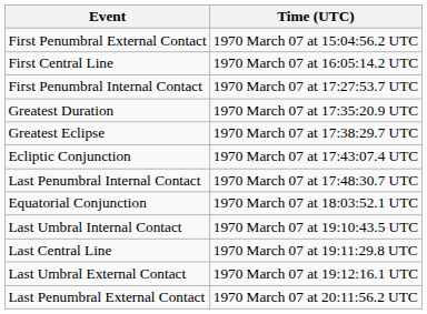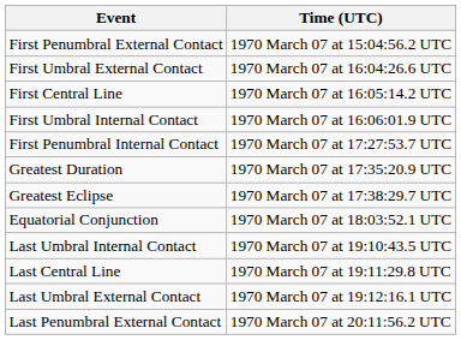 <table class="wikitable">
 <tr>
 <th>Event</th>
 <th>Time (UTC)</th>
 </tr>
 <tr>
 <td>First Penumbral External Contact</td>
 <td>1970 March 07 at 15:04:56.2 UTC</td>
 </tr>
 <tr>
+<td>First Umbral External Contact</td>
+<td>1970 March 07 at 16:04:26.6 UTC</td>
+</tr>
+<tr>
 <td>First Central Line</td>
 <td>1970 March 07 at 16:05:14.2 UTC</td>
+</tr>
+<tr>
+<td>First Umbral Internal Contact</td>
+<td>1970 March 07 at 16:06:01.9 UTC</td>
 </tr>
 <tr>
 <td>First Penumbral Internal Contact</td>
 <td>1970 March 07 at 17:27:53.7 UTC</td>
 </tr>
 <tr>
 <td>Greatest Duration</td>
 <td>1970 March 07 at 17:35:20.9 UTC</td>
 </tr>
 <tr>
 <td>Greatest Eclipse</td>
 <td>1970 March 07 at 17:38:29.7 UTC</td>
-</tr>
-<tr>
-<td>Ecliptic Conjunction</td>
-<td>1970 March 07 at 17:43:07.4 UTC</td>
-</tr>
-<tr>
-<td>Last Penumbral Internal Contact</td>
-<td>1970 March 07 at 17:48:30.7 UTC</td>
 </tr>
 <tr>
 <td>Equatorial Conjunction</td>
 <td>1970 March 07 at 18:03:52.1 UTC</td>
 </tr>
 <tr>
 <td>Last Umbral Internal Contact</td>
 <td>1970 March 07 at 19:10:43.5 UTC</td>
 </tr>
 <tr>
 <td>Last Central Line</td>
 <td>1970 March 07 at 19:11:29.8 UTC</td>
 </tr>
 <tr>
 <td>Last Umbral External Contact</td>
 <td>1970 March 07 at 19:12:16.1 UTC</td>
 </tr>
 <tr>
 <td>Last Penumbral External Contact</td>
 <td>1970 March 07 at 20:11:56.2 UTC</td>
 </tr>
 </table>
